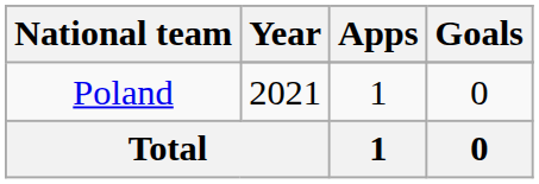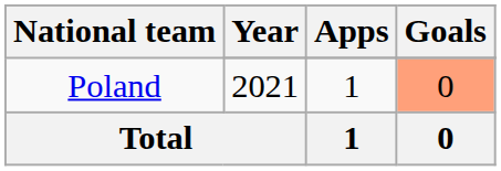 <table class="wikitable" style="text-align:center">
 <tr>
 <th>National team</th>
 <th>Year</th>
 <th>Apps</th>
 <th>Goals</th>
 </tr>
 <tr>
 <td rowspan=2><a href='#'>Poland</a></td>
 </tr>
 <tr>
 <td>2021</td>
 <td>1</td>
-<td>0</td>
+<td style="background: lightsalmon;">0</td>
 </tr>
 <tr>
 <th colspan="2">Total</th>
 <th>1</th>
 <th>0</th>
 </tr>
 </table>
